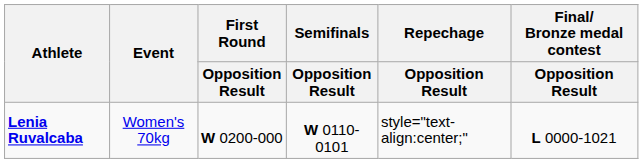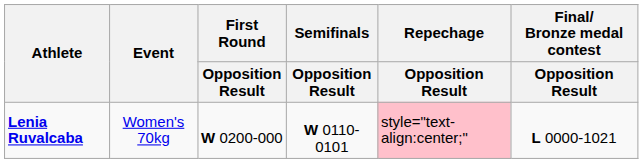 <table class=wikitable style="font-size:90%">
 <tr>
 <th rowspan="2">Athlete</th>
 <th rowspan="2">Event</th>
 <th>First Round</th>
 <th>Semifinals</th>
 <th>Repechage</th>
 <th>Final/<br>Bronze medal contest</th>
 </tr>
 <tr>
 <th>Opposition<br>Result</th>
 <th>Opposition<br>Result</th>
 <th>Opposition<br>Result</th>
 <th>Opposition<br>Result</th>
 </tr>
 <tr>
 <td><strong><a href='#'>Lenia Ruvalcaba</a></strong></td>
 <td style="text-align:center;"><a href='#'>Women's 70kg</a></td>
 <td style="text-align:center;"><br> <strong>W</strong> 0200-000</td>
 <td style="text-align:center;"><br> <strong>W</strong> 0110-0101</td>
-<td>style="text-align:center;" </td>
+<td style="background: pink;">style="text-align:center;" </td>
 <td style="text-align:center;"><br> <strong>L</strong> 0000-1021 </td>
 </tr>
 </table>
